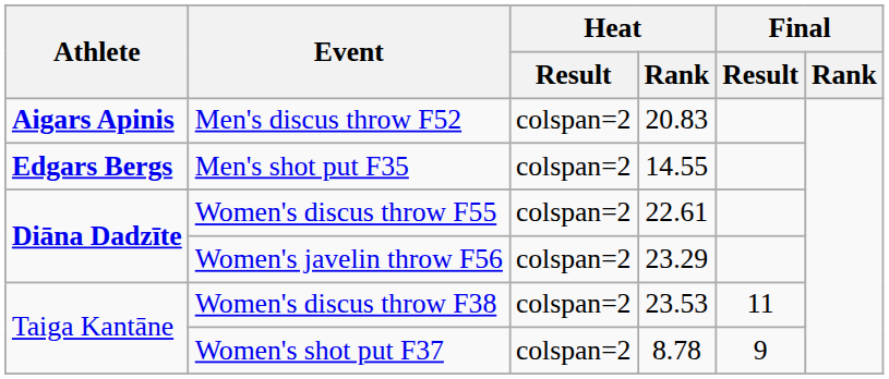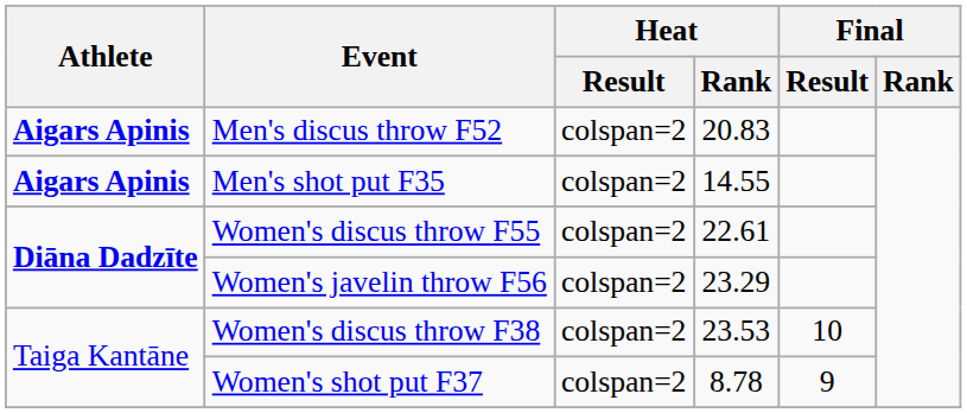 <table class=wikitable style="font-size:90%;">
 <tr>
 <th rowspan="2">Athlete</th>
 <th rowspan="2">Event</th>
 <th colspan="2">Heat</th>
 <th colspan="2">Final</th>
 </tr>
 <tr>
 <th>Result</th>
 <th>Rank</th>
 <th>Result</th>
 <th>Rank</th>
 </tr>
 <tr>
 <td><strong><a href='#'>Aigars Apinis</a></strong></td>
 <td><a href='#'>Men's discus throw F52</a></td>
 <td>colspan=2 </td>
 <td align=center>20.83</td>
 <td align=center></td>
 </tr>
 <tr>
-<td><strong><a href='#'>Edgars Bergs</a></strong></td>
+<td><strong><a href='#'>Aigars Apinis</a></strong></td>
 <td><a href='#'>Men's shot put F35</a></td>
 <td>colspan=2 </td>
 <td align=center>14.55</td>
 <td align=center></td>
 </tr>
 <tr>
 <td rowspan=2><strong><a href='#'>Diāna Dadzīte</a></strong></td>
 <td><a href='#'>Women's discus throw F55</a></td>
 <td>colspan=2 </td>
 <td align=center>22.61</td>
 <td align=center></td>
 </tr>
 <tr>
 <td><a href='#'>Women's javelin throw F56</a></td>
 <td>colspan=2 </td>
 <td align=center>23.29</td>
 <td align=center></td>
 </tr>
 <tr>
 <td rowspan=2><a href='#'>Taiga Kantāne</a></td>
 <td><a href='#'>Women's discus throw F38</a></td>
 <td>colspan=2 </td>
 <td align=center>23.53</td>
-<td align=center>11</td>
+<td align=center>10</td>
 </tr>
 <tr>
 <td><a href='#'>Women's shot put F37</a></td>
 <td>colspan=2 </td>
 <td align=center>8.78</td>
 <td align=center>9</td>
 </tr>
 </table>
